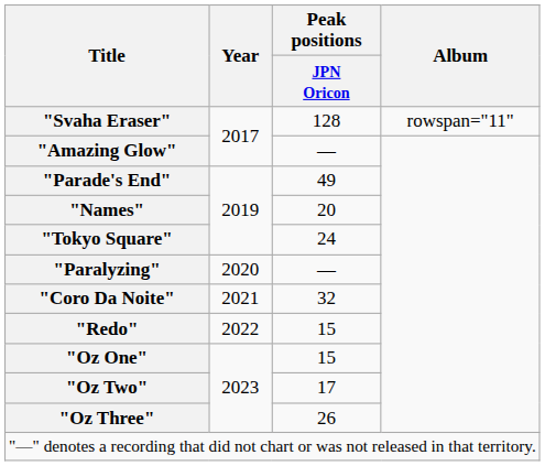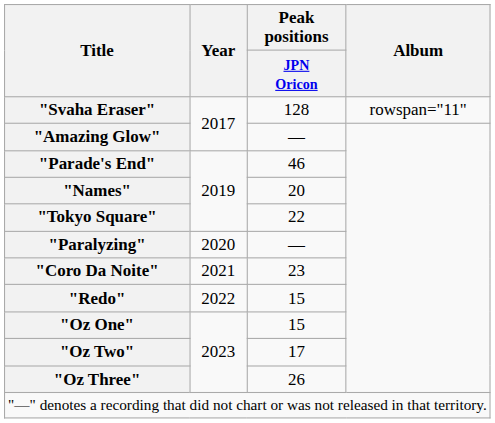 <table class="wikitable plainrowheaders" style="text-align:center;">
 <tr>
 <th scope="col" rowspan="2">Title</th>
 <th scope="col" rowspan="2">Year</th>
 <th scope="col" colspan="1">Peak<br> positions</th>
 <th scope="col" rowspan="2">Album</th>
 </tr>
 <tr>
 <th scope="col" colspan="1"><small><a href='#'>JPN<br>Oricon</a></small><br></th>
 </tr>
 <tr>
 <th scope="row">"Svaha Eraser"</th>
 <td rowspan="2">2017</td>
 <td>128</td>
 <td>rowspan="11" </td>
 </tr>
 <tr>
 <th scope="row">"Amazing Glow"</th>
 <td>—</td>
 </tr>
 <tr>
 <th scope="row">"Parade's End"</th>
 <td rowspan="3">2019</td>
-<td>49</td>
+<td>46</td>
 </tr>
 <tr>
 <th scope="row">"Names"</th>
 <td>20</td>
 </tr>
 <tr>
 <th scope="row">"Tokyo Square"</th>
-<td>24</td>
+<td>22</td>
 </tr>
 <tr>
 <th scope="row">"Paralyzing"</th>
 <td>2020</td>
 <td>—</td>
 </tr>
 <tr>
 <th scope="row">"Coro Da Noite"</th>
 <td>2021</td>
-<td>32</td>
+<td>23</td>
 </tr>
 <tr>
 <th scope="row">"Redo"</th>
 <td>2022</td>
 <td>15</td>
 </tr>
 <tr>
 <th scope="row">"Oz One"</th>
 <td rowspan="3">2023</td>
 <td>15</td>
 </tr>
 <tr>
 <th scope="row">"Oz Two"</th>
 <td>17</td>
 </tr>
 <tr>
 <th scope="row">"Oz Three"</th>
 <td>26</td>
 </tr>
 <tr>
 <td align="center" colspan="6" style="font-size:90%">"—" denotes a recording that did not chart or was not released in that territory.</td>
 </tr>
 </table>
